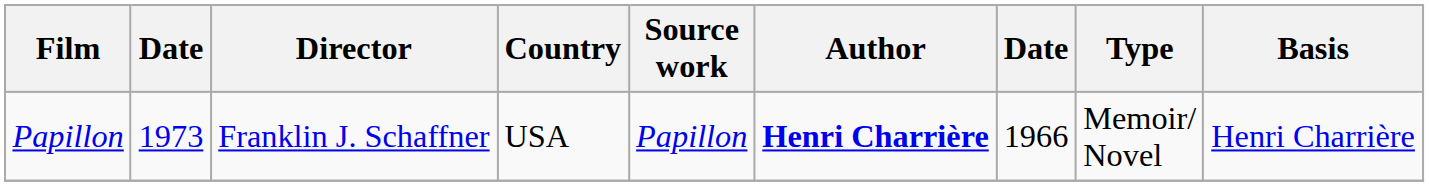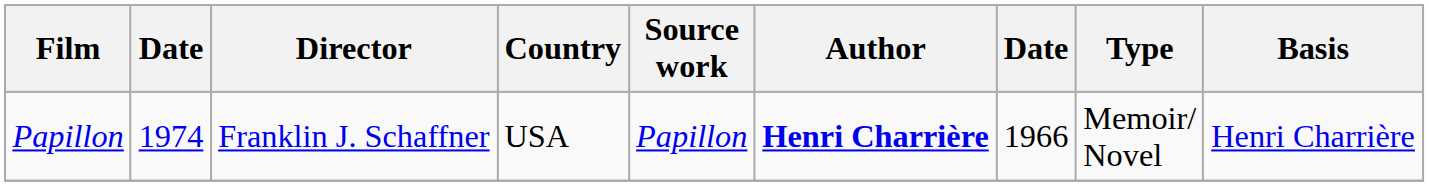 <table class="wikitable">
 <tr>
 <th>Film</th>
 <th>Date</th>
 <th>Director</th>
 <th>Country</th>
 <th>Source<br>work</th>
 <th>Author</th>
 <th>Date</th>
 <th>Type</th>
 <th>Basis</th>
 </tr>
 <tr>
 <td><em><a href='#'>Papillon</a></em></td>
-<td><a href='#'>1973</a></td>
+<td><a href='#'>1974</a></td>
 <td><a href='#'>Franklin J. Schaffner</a></td>
 <td>USA</td>
 <td><em><a href='#'>Papillon</a></em></td>
 <td><strong><a href='#'>Henri Charrière</a></strong></td>
 <td>1966</td>
 <td>Memoir/<br>Novel</td>
 <td><a href='#'>Henri Charrière</a></td>
 </tr>
 <tr>
 </tr>
 </table>
